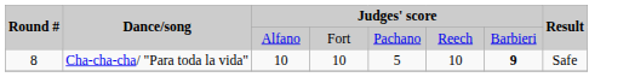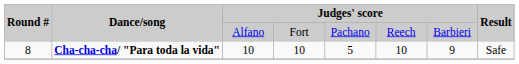 <table class="wikitable">
 <tr style="text-align:Center; background:#ccc;">
 <td rowspan="2"><strong>Round #</strong></td>
 <td rowspan="2"><strong>Dance/song</strong></td>
 <td colspan="5"><strong>Judges' score</strong></td>
 <td rowspan="2"><strong>Result</strong></td>
 </tr>
 <tr style="text-align:center; background:#ccc;">
 <td style="width:10%; "><a href='#'>Alfano</a></td>
 <td style="width:10%; ">Fort</td>
 <td style="width:10%; "><a href='#'>Pachano</a></td>
 <td style="width:10%; "><a href='#'>Reech</a></td>
 <td style="width:10%; "><a href='#'>Barbieri</a></td>
 </tr>
 <tr>
 <td style="text-align:center;">8</td>
-<td style="text-align:center;"><a href='#'>Cha-cha-cha</a>/ "Para toda la vida"</td>
+<td style="text-align:center;"><strong><a href='#'>Cha-cha-cha</a>/ "Para toda la vida"</strong></td>
 <td style="text-align:center;">10</td>
 <td style="text-align:center;">10</td>
 <td style="text-align:center;">5</td>
 <td style="text-align:center;">10</td>
-<td style="text-align:center;"><strong>9</strong></td>
+<td style="text-align:center;">9</td>
 <td style="text-align:center;">Safe</td>
 </tr>
 <tr>
 </tr>
 </table>
